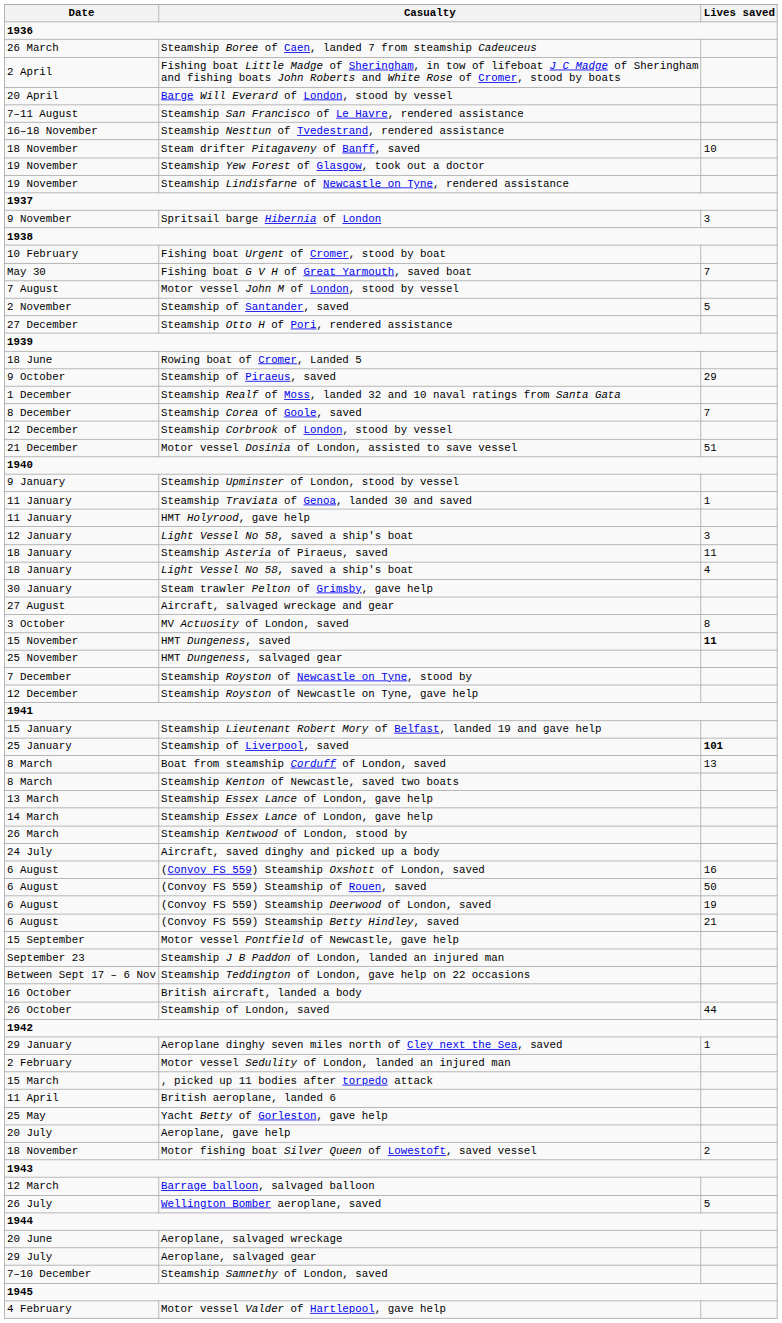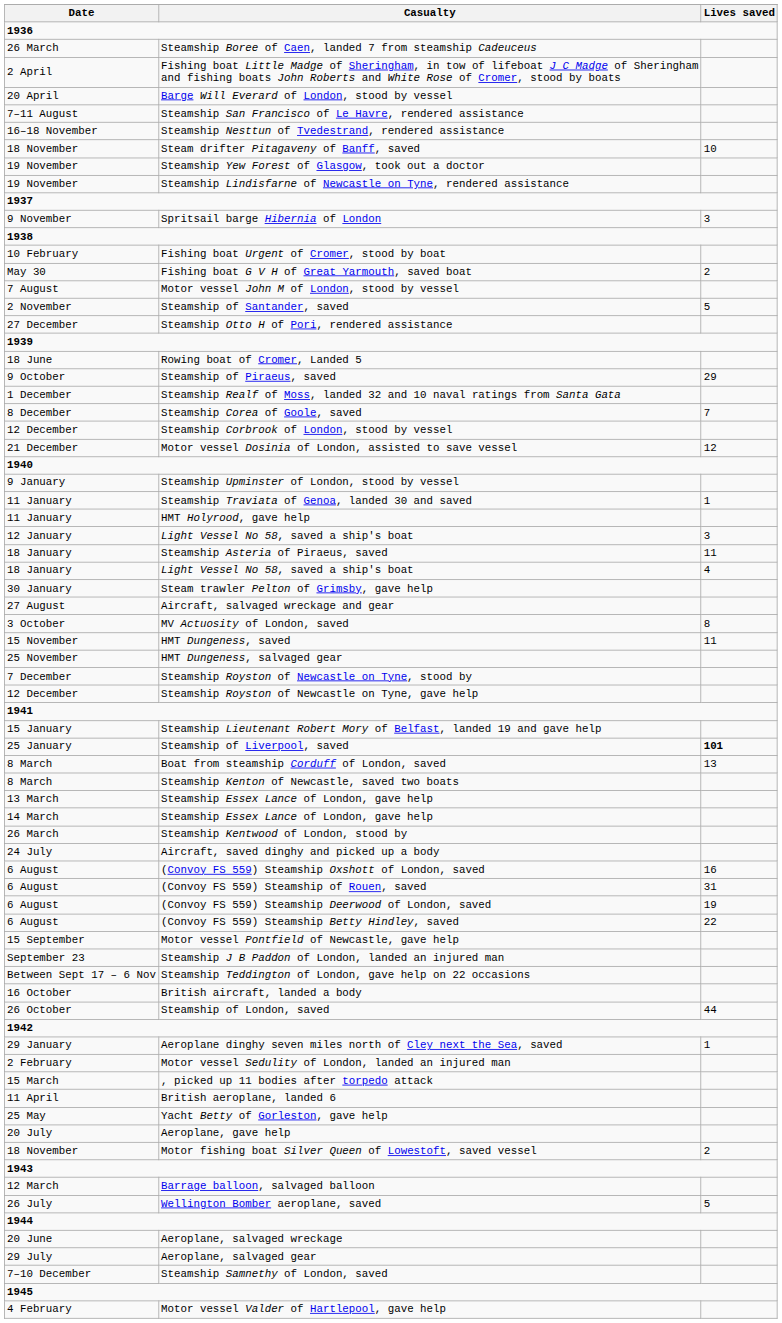 <table class="wikitable">
 <tr>
 </tr>
 <tr>
 <th style="text-align: center;">Date</th>
 <th style="text-align: center;">Casualty</th>
 <th style="text-align: center;">Lives saved</th>
 </tr>
 <tr>
 <td colspan="3"><strong>1936</strong></td>
 </tr>
 <tr>
 <td>26 March</td>
 <td>Steamship <em>Boree</em> of <a href='#'>Caen</a>, landed 7 from steamship <em>Cadeuceus</em></td>
 <td></td>
 </tr>
 <tr>
 <td>2 April</td>
 <td>Fishing boat <em>Little Madge</em> of <a href='#'>Sheringham</a>, in tow of lifeboat <a href='#'><em>J C Madge</em></a> of Sheringham<br> and fishing boats <em>John Roberts</em> and <em>White Rose</em> of <a href='#'>Cromer</a>, stood by boats</td>
 <td></td>
 </tr>
 <tr>
 <td>20 April</td>
 <td><a href='#'>Barge</a> <em>Will Everard</em> of <a href='#'>London</a>, stood by vessel</td>
 <td></td>
 </tr>
 <tr ---->
 <td>7–11 August</td>
 <td>Steamship <em>San Francisco</em> of <a href='#'>Le Havre</a>, rendered assistance</td>
 <td></td>
 </tr>
 <tr>
 <td>16–18 November</td>
 <td>Steamship <em>Nesttun</em> of <a href='#'>Tvedestrand</a>, rendered assistance</td>
 <td></td>
 </tr>
 <tr>
 <td>18 November</td>
 <td>Steam drifter <em>Pitagaveny</em> of <a href='#'>Banff</a>, saved</td>
 <td>10</td>
 </tr>
 <tr ---->
 <td>19 November</td>
 <td>Steamship <em>Yew Forest</em> of <a href='#'>Glasgow</a>, took out a doctor</td>
 <td></td>
 </tr>
 <tr ---->
 <td>19 November</td>
 <td>Steamship <em>Lindisfarne</em> of <a href='#'>Newcastle on Tyne</a>, rendered assistance</td>
 <td></td>
 </tr>
 <tr ---->
 <td colspan="3"><strong>1937</strong></td>
 </tr>
 <tr ---->
 <td>9 November</td>
 <td>Spritsail barge <a href='#'><em>Hibernia</em></a> of <a href='#'>London</a></td>
 <td>3</td>
 </tr>
 <tr ---->
 <td colspan="3"><strong>1938</strong></td>
 </tr>
 <tr ---->
 <td>10 February</td>
 <td>Fishing boat <em>Urgent</em> of <a href='#'>Cromer</a>, stood by boat</td>
 <td></td>
 </tr>
 <tr ---->
 <td>May 30</td>
 <td>Fishing boat <em>G V H</em>  of <a href='#'>Great Yarmouth</a>, saved boat</td>
-<td>7</td>
+<td>2</td>
 </tr>
 <tr ---->
 <td>7 August</td>
 <td>Motor vessel <em>John M</em> of <a href='#'>London</a>, stood by vessel</td>
 <td></td>
 </tr>
 <tr ---->
 <td>2 November</td>
 <td>Steamship  of <a href='#'>Santander</a>, saved</td>
 <td>5</td>
 </tr>
 <tr ---->
 <td>27 December</td>
 <td>Steamship <em>Otto H</em> of <a href='#'>Pori</a>, rendered assistance</td>
 <td></td>
 </tr>
 <tr ---->
 <td colspan="3"><strong>1939</strong></td>
 </tr>
 <tr ---->
 <td>18 June</td>
 <td>Rowing boat of <a href='#'>Cromer</a>, Landed 5</td>
 <td></td>
 </tr>
 <tr ---->
 <td>9 October</td>
 <td>Steamship  of <a href='#'>Piraeus</a>, saved</td>
 <td>29</td>
 </tr>
 <tr ---->
 <td>1 December</td>
 <td>Steamship <em>Realf</em> of <a href='#'>Moss</a>, landed 32 and 10 naval ratings from <em>Santa Gata</em></td>
 <td></td>
 </tr>
 <tr ---->
 <td>8 December</td>
 <td>Steamship  <em>Corea</em> of <a href='#'>Goole</a>, saved</td>
 <td>7</td>
 </tr>
 <tr ---->
 <td>12 December</td>
 <td>Steamship <em>Corbrook</em> of <a href='#'>London</a>, stood by vessel</td>
 <td></td>
 </tr>
 <tr ---->
 <td>21 December</td>
 <td>Motor vessel <em>Dosinia</em> of London, assisted to save vessel</td>
-<td>51</td>
+<td>12</td>
 </tr>
 <tr ---->
 <td colspan="3"><strong>1940</strong></td>
 </tr>
 <tr ---->
 <td>9 January</td>
 <td>Steamship <em>Upminster</em> of London, stood by vessel</td>
 <td></td>
 </tr>
 <tr ---->
 <td>11 January</td>
 <td>Steamship <em>Traviata</em> of <a href='#'>Genoa</a>, landed 30 and saved</td>
 <td>1</td>
 </tr>
 <tr ---->
 <td>11 January</td>
 <td>HMT <em>Holyrood</em>, gave help</td>
 <td></td>
 </tr>
 <tr ---->
 <td>12 January</td>
 <td><em>Light Vessel No 58</em>, saved a ship's boat</td>
 <td>3</td>
 </tr>
 <tr ---->
 <td>18 January</td>
 <td>Steamship <em>Asteria</em> of Piraeus, saved</td>
 <td>11</td>
 </tr>
 <tr ---->
 <td>18 January</td>
 <td><em>Light Vessel No 58</em>, saved a ship's boat</td>
 <td>4</td>
 </tr>
 <tr ---->
 <td>30 January</td>
 <td>Steam trawler <em>Pelton</em> of <a href='#'>Grimsby</a>, gave help</td>
 <td></td>
 </tr>
 <tr ---->
 <td>27 August</td>
 <td>Aircraft, salvaged wreckage and gear</td>
 <td></td>
 </tr>
 <tr ---->
 <td>3 October</td>
 <td>MV <em>Actuosity</em> of London, saved</td>
 <td>8</td>
 </tr>
 <tr ---->
 <td>15 November</td>
 <td>HMT <em>Dungeness</em>, saved</td>
-<td><strong>11</strong></td>
+<td>11</td>
 </tr>
 <tr ---->
 <td>25 November</td>
 <td>HMT <em>Dungeness</em>, salvaged gear</td>
 <td></td>
 </tr>
 <tr ---->
 <td>7 December</td>
 <td>Steamship <em>Royston</em> of <a href='#'>Newcastle on Tyne</a>, stood by</td>
 <td></td>
 </tr>
 <tr ---->
 <td>12 December</td>
 <td>Steamship <em>Royston</em> of Newcastle on Tyne, gave help</td>
 <td></td>
 </tr>
 <tr ---->
 <td colspan="3"><strong>1941</strong></td>
 </tr>
 <tr ---->
 <td>15 January</td>
 <td>Steamship <em>Lieutenant Robert Mory</em> of <a href='#'>Belfast</a>, landed 19 and gave help</td>
 <td></td>
 </tr>
 <tr ---->
 <td>25 January</td>
 <td>Steamship  of <a href='#'>Liverpool</a>, saved</td>
 <td><strong>101</strong></td>
 </tr>
 <tr ---->
 <td>8 March</td>
 <td>Boat from steamship <a href='#'><em>Corduff</em></a> of London, saved</td>
 <td>13</td>
 </tr>
 <tr ---->
 <td>8 March</td>
 <td>Steamship <em>Kenton</em> of Newcastle, saved two boats</td>
 <td></td>
 </tr>
 <tr ---->
 <td>13 March</td>
 <td>Steamship <em>Essex Lance</em> of London, gave help</td>
 <td></td>
 </tr>
 <tr ---->
 <td>14 March</td>
 <td>Steamship <em>Essex Lance</em> of London, gave help</td>
 <td></td>
 </tr>
 <tr ---->
 <td>26 March</td>
 <td>Steamship <em>Kentwood</em> of London, stood by</td>
 <td></td>
 </tr>
 <tr ---->
 <td>24 July</td>
 <td>Aircraft, saved dinghy and picked up a body</td>
 <td></td>
 </tr>
 <tr ---->
 <td>6 August</td>
 <td>(<a href='#'>Convoy FS 559</a>) Steamship <em>Oxshott</em> of London, saved</td>
 <td>16</td>
 </tr>
 <tr ---->
 <td>6 August</td>
 <td>(Convoy FS 559) Steamship  of <a href='#'>Rouen</a>, saved</td>
-<td>50</td>
+<td>31</td>
 </tr>
 <tr ---->
 <td>6 August</td>
 <td>(Convoy FS 559) Steamship <em>Deerwood</em> of London, saved</td>
 <td>19</td>
 </tr>
 <tr ---->
 <td>6 August</td>
 <td>(Convoy FS 559) Steamship <em>Betty Hindley</em>, saved</td>
-<td>21</td>
+<td>22</td>
 </tr>
 <tr ---->
 <td>15 September</td>
 <td>Motor vessel <em>Pontfield</em> of Newcastle, gave help</td>
 <td></td>
 </tr>
 <tr ---->
 <td>September 23</td>
 <td>Steamship <em>J B Paddon</em> of London, landed an injured man</td>
 <td></td>
 </tr>
 <tr ---->
 <td>Between Sept 17 – 6 Nov</td>
 <td>Steamship <em>Teddington</em> of London, gave help on 22 occasions</td>
 <td></td>
 </tr>
 <tr ---->
 <td>16 October</td>
 <td>British aircraft, landed a body</td>
 <td></td>
 </tr>
 <tr ---->
 <td>26 October</td>
 <td>Steamship  of London, saved</td>
 <td>44</td>
 </tr>
 <tr ---->
 <td colspan="3"><strong>1942</strong></td>
 </tr>
 <tr ---->
 <td>29 January</td>
 <td>Aeroplane dinghy seven miles north of <a href='#'>Cley next the Sea</a>, saved</td>
 <td>1</td>
 </tr>
 <tr ---->
 <td>2 February</td>
 <td>Motor vessel <em>Sedulity</em> of London, landed an injured man</td>
 <td></td>
 </tr>
 <tr ---->
 <td>15 March</td>
 <td>, picked up 11 bodies after <a href='#'>torpedo</a> attack</td>
 <td></td>
 </tr>
 <tr ---->
 <td>11 April</td>
 <td>British aeroplane, landed 6</td>
 <td></td>
 </tr>
 <tr ---->
 <td>25 May</td>
 <td>Yacht <em>Betty</em> of <a href='#'>Gorleston</a>, gave help</td>
 <td></td>
 </tr>
 <tr ---->
 <td>20 July</td>
 <td>Aeroplane, gave help</td>
 <td></td>
 </tr>
 <tr ---->
 <td>18 November</td>
 <td>Motor fishing boat <em>Silver Queen</em> of <a href='#'>Lowestoft</a>, saved vessel</td>
 <td>2</td>
 </tr>
 <tr ---->
 <td colspan="3"><strong>1943</strong></td>
 </tr>
 <tr ---->
 <td>12 March</td>
 <td><a href='#'>Barrage balloon</a>, salvaged balloon</td>
 <td></td>
 </tr>
 <tr ---->
 <td>26 July</td>
 <td><a href='#'>Wellington Bomber</a> aeroplane, saved</td>
 <td>5</td>
 </tr>
 <tr ---->
 <td colspan="3"><strong>1944</strong></td>
 </tr>
 <tr ---->
 <td>20 June</td>
 <td>Aeroplane, salvaged wreckage</td>
 <td></td>
 </tr>
 <tr ---->
 <td>29 July</td>
 <td>Aeroplane, salvaged gear</td>
 <td></td>
 </tr>
 <tr ---->
 <td>7–10 December</td>
 <td>Steamship <em>Samnethy</em> of London, saved</td>
 <td></td>
 </tr>
 <tr ---->
 <td colspan="3"><strong>1945</strong></td>
 </tr>
 <tr ---->
 <td>4 February</td>
 <td>Motor vessel <em>Valder</em> of <a href='#'>Hartlepool</a>, gave help</td>
 <td></td>
 </tr>
 </table>
